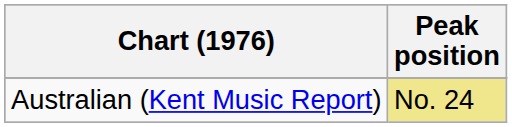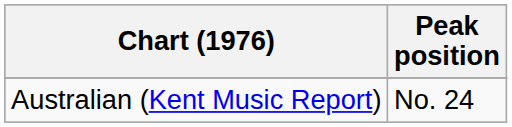 <table class="wikitable sortable" border="1">
 <tr>
 <th scope="col">Chart (1976)</th>
 <th scope="col">Peak<br>position</th>
 </tr>
 <tr>
 </tr>
 <tr>
 <td>Australian (<a href='#'>Kent Music Report</a>)</td>
-<td style="background: khaki;">No. 24</td>
+<td>No. 24</td>
 </tr>
 </table>
